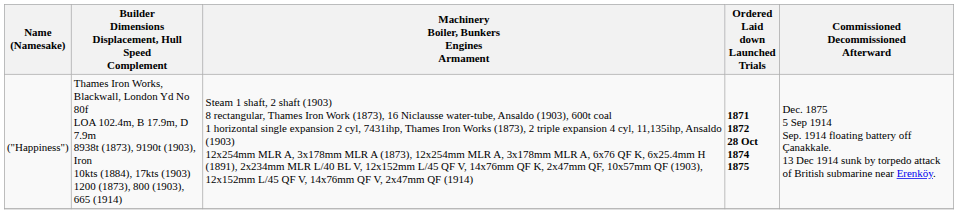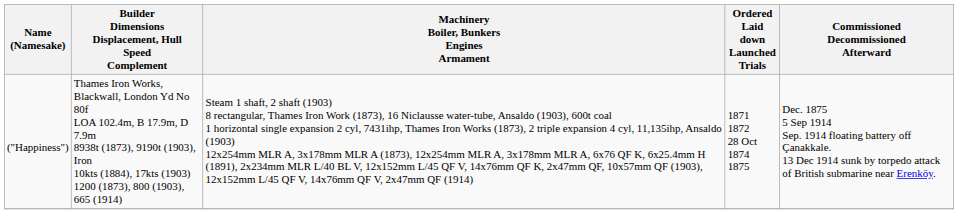 <table class="wikitable" style="font-size:90%;">
 <tr bgcolor="#e6e9ff">
 <th>Name<br>(Namesake)</th>
 <th>Builder<br>Dimensions<br>Displacement, Hull<br>Speed<br>Complement</th>
 <th>Machinery<br>Boiler, Bunkers<br>Engines<br>Armament</th>
 <th>Ordered<br>Laid down<br>Launched<br>Trials</th>
 <th>Commissioned<br>Decommissioned<br>Afterward</th>
 </tr>
 <tr ---->
 <td><br>("Happiness")</td>
 <td> Thames Iron Works, Blackwall, London Yd No 80f<br>LOA 102.4m, B 17.9m, D 7.9m<br>8938t (1873), 9190t (1903), Iron<br>10kts (1884), 17kts (1903)<br>1200 (1873), 800 (1903), 665 (1914)</td>
 <td>Steam 1 shaft, 2 shaft (1903)<br>8 rectangular, Thames Iron Work (1873), 16 Niclausse water-tube, Ansaldo (1903), 600t coal<br>1 horizontal single expansion 2 cyl, 7431ihp, Thames Iron Works (1873), 2 triple expansion 4 cyl, 11,135ihp, Ansaldo (1903)<br>12x254mm MLR A, 3x178mm MLR A (1873), 12x254mm MLR A, 3x178mm MLR A, 6x76 QF K, 6x25.4mm H (1891), 2x234mm MLR L/40 BL V, 12x152mm L/45 QF V, 14x76mm QF K, 2x47mm QF, 10x57mm QF (1903), 12x152mm L/45 QF V, 14x76mm QF V, 2x47mm QF (1914)</td>
-<td><strong>1871<br>1872<br>28 Oct 1874<br>1875</strong></td>
+<td>1871<br>1872<br>28 Oct 1874<br>1875</td>
 <td>Dec. 1875<br>5 Sep 1914<br>Sep. 1914 floating battery off Çanakkale.<br>13 Dec 1914 sunk by torpedo attack of British submarine  near <a href='#'>Erenköy</a>.</td>
 </tr>
 <tr ---->
 </tr>
 </table>
